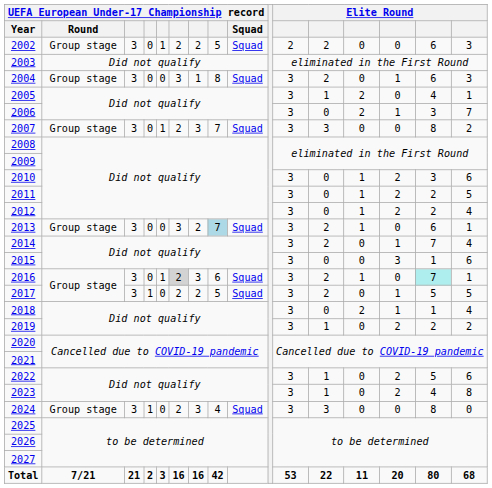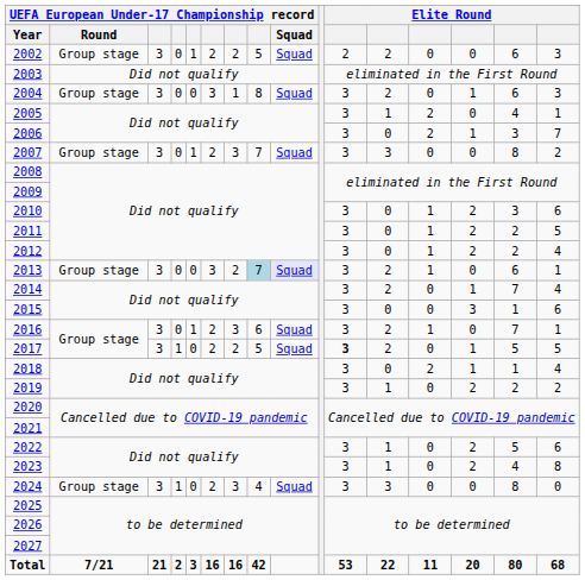 <table class="wikitable" style="text-align: center;">
 <tr>
 <th colspan=9><a href='#'>UEFA European Under-17 Championship</a> record</th>
 <th style="width:1%;" rowspan="30"></th>
 <th colspan=6><a href='#'>Elite Round</a></th>
 </tr>
 <tr>
 <th>Year</th>
 <th>Round</th>
 <th></th>
 <th></th>
 <th></th>
 <th></th>
 <th></th>
 <th></th>
 <th>Squad</th>
 <th></th>
 <th></th>
 <th></th>
 <th></th>
 <th></th>
 <th></th>
 </tr>
 <tr>
 <td> <a href='#'>2002</a></td>
 <td>Group stage</td>
 <td>3</td>
 <td>0</td>
 <td>1</td>
 <td>2</td>
 <td>2</td>
 <td>5</td>
 <td><a href='#'>Squad</a></td>
 <td>2</td>
 <td>2</td>
 <td>0</td>
 <td>0</td>
 <td>6</td>
 <td>3</td>
 </tr>
 <tr>
 <td> <a href='#'>2003</a></td>
 <td rowspan="1" colspan=8><em>Did not qualify</em></td>
 <td colspan=6><em>eliminated in the First Round</em></td>
 </tr>
 <tr>
 <td> <a href='#'>2004</a></td>
 <td>Group stage</td>
 <td>3</td>
 <td>0</td>
 <td>0</td>
 <td>3</td>
 <td>1</td>
 <td>8</td>
 <td><a href='#'>Squad</a></td>
 <td>3</td>
 <td>2</td>
 <td>0</td>
 <td>1</td>
 <td>6</td>
 <td>3</td>
 </tr>
 <tr>
 <td> <a href='#'>2005</a></td>
 <td rowspan="2" colspan=8><em>Did not qualify</em></td>
 <td>3</td>
 <td>1</td>
 <td>2</td>
 <td>0</td>
 <td>4</td>
 <td>1</td>
 </tr>
 <tr>
 <td> <a href='#'>2006</a></td>
 <td>3</td>
 <td>0</td>
 <td>2</td>
 <td>1</td>
 <td>3</td>
 <td>7</td>
 </tr>
 <tr>
 <td> <a href='#'>2007</a></td>
 <td>Group stage</td>
 <td>3</td>
 <td>0</td>
 <td>1</td>
 <td>2</td>
 <td>3</td>
 <td>7</td>
 <td><a href='#'>Squad</a></td>
 <td>3</td>
 <td>3</td>
 <td>0</td>
 <td>0</td>
 <td>8</td>
 <td>2</td>
 </tr>
 <tr>
 <td> <a href='#'>2008</a></td>
 <td rowspan="5" colspan=8><em>Did not qualify</em></td>
 <td rowspan="2" colspan=6><em>eliminated in the First Round</em></td>
 </tr>
 <tr>
 <td> <a href='#'>2009</a></td>
 </tr>
 <tr>
 <td> <a href='#'>2010</a></td>
 <td>3</td>
 <td>0</td>
 <td>1</td>
 <td>2</td>
 <td>3</td>
 <td>6</td>
 </tr>
 <tr>
 <td> <a href='#'>2011</a></td>
 <td>3</td>
 <td>0</td>
 <td>1</td>
 <td>2</td>
 <td>2</td>
 <td>5</td>
 </tr>
 <tr>
 <td> <a href='#'>2012</a></td>
 <td>3</td>
 <td>0</td>
 <td>1</td>
 <td>2</td>
 <td>2</td>
 <td>4</td>
 </tr>
 <tr>
 <td> <a href='#'>2013</a></td>
 <td>Group stage</td>
 <td>3</td>
 <td>0</td>
 <td>0</td>
 <td>3</td>
 <td>2</td>
 <td style="background: lightblue;">7</td>
-<td><a href='#'>Squad</a></td>
+<td style="background: lavender;"><a href='#'>Squad</a></td>
 <td>3</td>
 <td>2</td>
 <td>1</td>
 <td>0</td>
 <td>6</td>
 <td>1</td>
 </tr>
 <tr>
 <td> <a href='#'>2014</a></td>
 <td rowspan="2" colspan=8><em>Did not qualify</em></td>
 <td>3</td>
 <td>2</td>
 <td>0</td>
 <td>1</td>
 <td>7</td>
 <td>4</td>
 </tr>
 <tr>
 <td> <a href='#'>2015</a></td>
 <td>3</td>
 <td>0</td>
 <td>0</td>
 <td>3</td>
 <td>1</td>
 <td>6</td>
 </tr>
 <tr>
 <td> <a href='#'>2016</a></td>
 <td rowspan="2">Group stage</td>
 <td>3</td>
 <td>0</td>
 <td>1</td>
-<td style="background: lightgrey;">2</td>
+<td>2</td>
 <td>3</td>
 <td>6</td>
 <td><a href='#'>Squad</a></td>
 <td>3</td>
 <td>2</td>
 <td>1</td>
 <td>0</td>
-<td style="background: paleturquoise;">7</td>
+<td>7</td>
 <td>1</td>
 </tr>
 <tr>
 <td> <a href='#'>2017</a></td>
 <td>3</td>
 <td>1</td>
 <td>0</td>
 <td>2</td>
 <td>2</td>
 <td>5</td>
 <td><a href='#'>Squad</a></td>
-<td>3</td>
+<td><strong>3</strong></td>
 <td>2</td>
 <td>0</td>
 <td>1</td>
 <td>5</td>
 <td>5</td>
 </tr>
 <tr>
 <td> <a href='#'>2018</a></td>
 <td rowspan="2" colspan=8><em>Did not qualify</em></td>
 <td>3</td>
 <td>0</td>
 <td>2</td>
 <td>1</td>
 <td>1</td>
 <td>4</td>
 </tr>
 <tr>
 <td> <a href='#'>2019</a></td>
 <td>3</td>
 <td>1</td>
 <td>0</td>
 <td>2</td>
 <td>2</td>
 <td>2</td>
 </tr>
 <tr>
 <td> <a href='#'>2020</a></td>
 <td rowspan=2 colspan=8><em>Cancelled due to <a href='#'>COVID-19 pandemic</a></em></td>
 <td rowspan=2 colspan=6><em>Cancelled due to <a href='#'>COVID-19 pandemic</a></em></td>
 </tr>
 <tr>
 <td> <a href='#'>2021</a></td>
 </tr>
 <tr>
 <td> <a href='#'>2022</a></td>
 <td rowspan="2" colspan=8><em>Did not qualify</em></td>
 <td>3</td>
 <td>1</td>
 <td>0</td>
 <td>2</td>
 <td>5</td>
 <td>6</td>
 </tr>
 <tr>
 <td> <a href='#'>2023</a></td>
 <td>3</td>
 <td>1</td>
 <td>0</td>
 <td>2</td>
 <td>4</td>
 <td>8</td>
 </tr>
 <tr>
 <td> <a href='#'>2024</a></td>
 <td>Group stage</td>
 <td>3</td>
 <td>1</td>
 <td>0</td>
 <td>2</td>
 <td>3</td>
 <td>4</td>
 <td><a href='#'>Squad</a></td>
 <td>3</td>
 <td>3</td>
 <td>0</td>
 <td>0</td>
 <td>8</td>
 <td>0</td>
 </tr>
 <tr>
 <td> <a href='#'>2025</a></td>
 <td rowspan="3" colspan=8><em>to be determined</em></td>
 <td rowspan="3" colspan=6><em>to be determined</em></td>
 </tr>
 <tr>
 <td> <a href='#'>2026</a></td>
 </tr>
 <tr>
 <td> <a href='#'>2027</a></td>
 </tr>
 <tr>
 <td><strong>Total</strong></td>
 <td><strong>7/21</strong></td>
 <td><strong>21</strong></td>
 <td><strong>2</strong></td>
 <td><strong>3</strong></td>
 <td><strong>16</strong></td>
 <td><strong>16</strong></td>
 <td><strong>42</strong></td>
 <td></td>
 <td><strong>53</strong></td>
 <td><strong>22</strong></td>
 <td><strong>11</strong></td>
 <td><strong>20</strong></td>
 <td><strong>80</strong></td>
 <td><strong>68</strong></td>
 </tr>
 </table>
